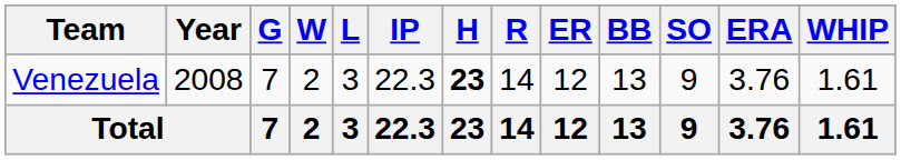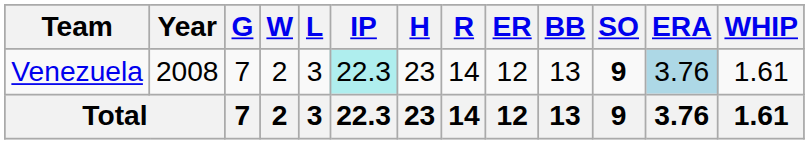 <table class="wikitable sortable" style="text-align:center">
 <tr>
 <th>Team</th>
 <th>Year</th>
 <th><a href='#'>G</a></th>
 <th><a href='#'>W</a></th>
 <th><a href='#'>L</a></th>
 <th><a href='#'>IP</a></th>
 <th><a href='#'>H</a></th>
 <th><a href='#'>R</a></th>
 <th><a href='#'>ER</a></th>
 <th><a href='#'>BB</a></th>
 <th><a href='#'>SO</a></th>
 <th><a href='#'>ERA</a></th>
 <th><a href='#'>WHIP</a></th>
 </tr>
 <tr>
 <td><a href='#'>Venezuela</a></td>
 <td>2008</td>
 <td>7</td>
 <td>2</td>
 <td>3</td>
-<td>22.3</td>
-<td><strong>23</strong></td>
+<td style="background: paleturquoise;">22.3</td>
+<td>23</td>
 <td>14</td>
 <td>12</td>
 <td>13</td>
-<td>9</td>
-<td>3.76</td>
+<td><strong>9</strong></td>
+<td style="background: lightblue;">3.76</td>
 <td>1.61</td>
 </tr>
 <tr>
 <th colspan=2>Total</th>
 <th>7</th>
 <th>2</th>
 <th>3</th>
 <th>22.3</th>
 <th>23</th>
 <th>14</th>
 <th>12</th>
 <th>13</th>
 <th>9</th>
 <th>3.76</th>
 <th>1.61</th>
 </tr>
 </table>
